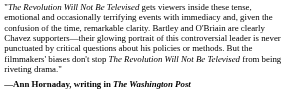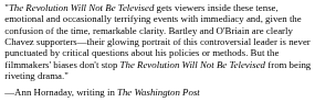 <table class="toccolours" style="float: right; margin-left: 1em; margin-right: 2em; font-size: 85%; color:black; width:40em; max-width: 35%;" cellspacing="5">
 <tr>
 <td style="text-align: left;">"<em>The Revolution Will Not Be Televised</em> gets viewers inside these tense, emotional and occasionally terrifying events with immediacy and, given the confusion of the time, remarkable clarity. Bartley and O'Briain are clearly Chavez supporters—their glowing portrait of this controversial leader is never punctuated by critical questions about his policies or methods. But the filmmakers' biases don't stop <em>The Revolution Will Not Be Televised</em> from being riveting drama."</td>
 </tr>
 <tr>
-<td style="text-align: left;"><strong>—Ann Hornaday, writing in <em>The Washington Post</em></strong></td>
+<td style="text-align: left;">—Ann Hornaday, writing in <em>The Washington Post</em></td>
 </tr>
 </table>
